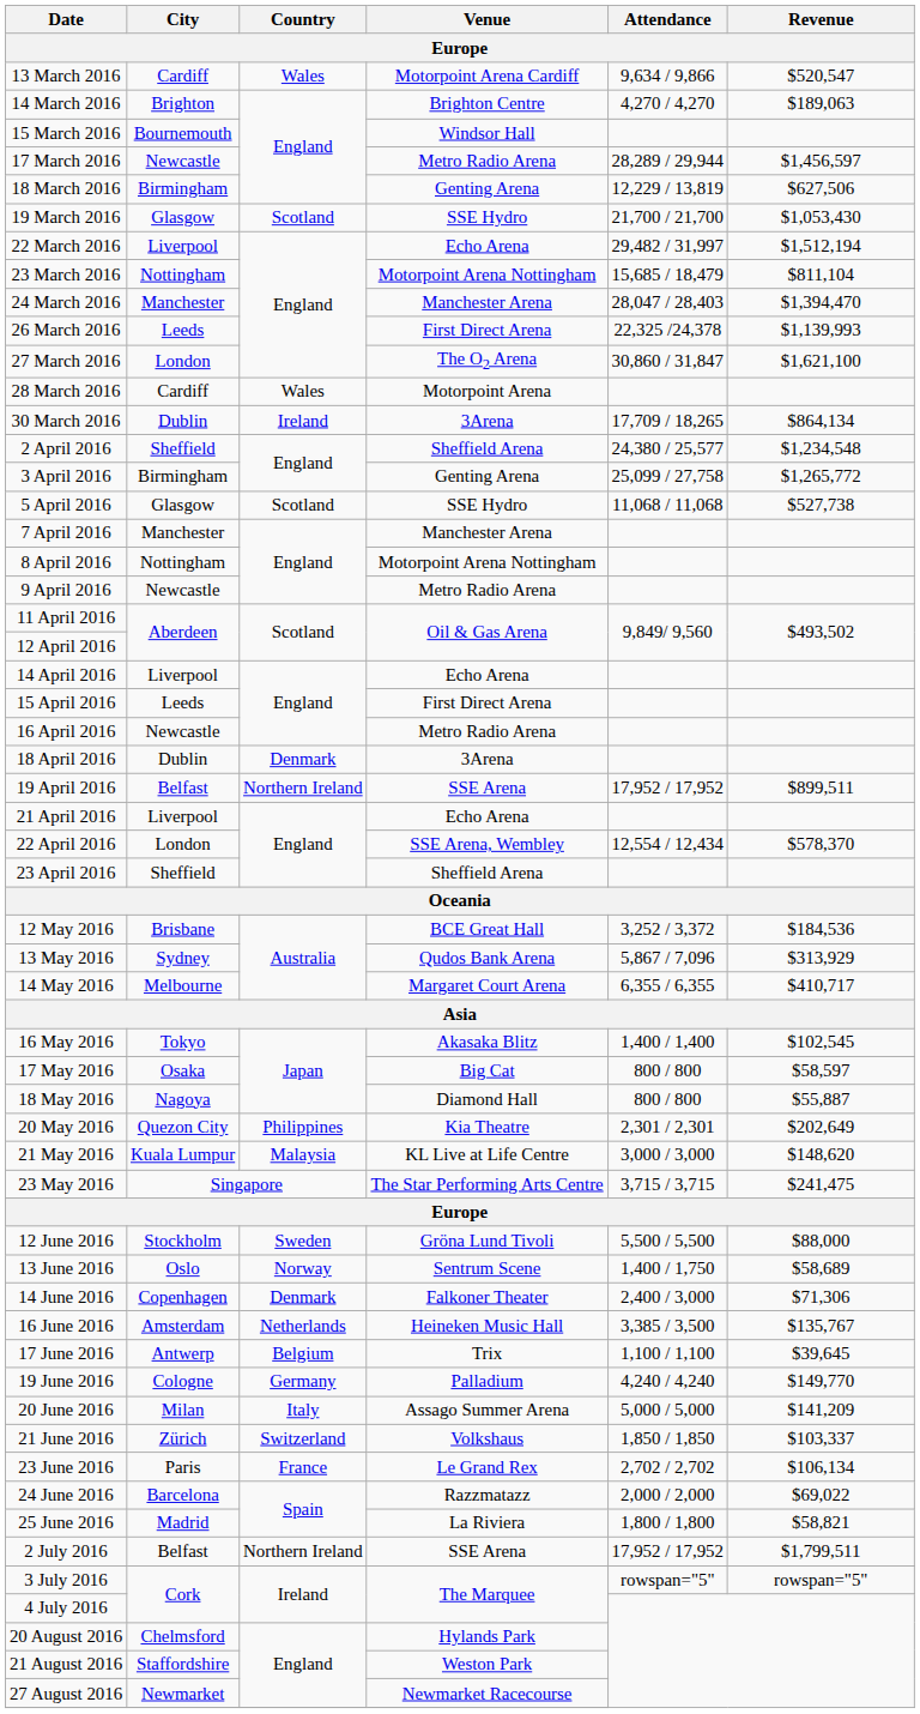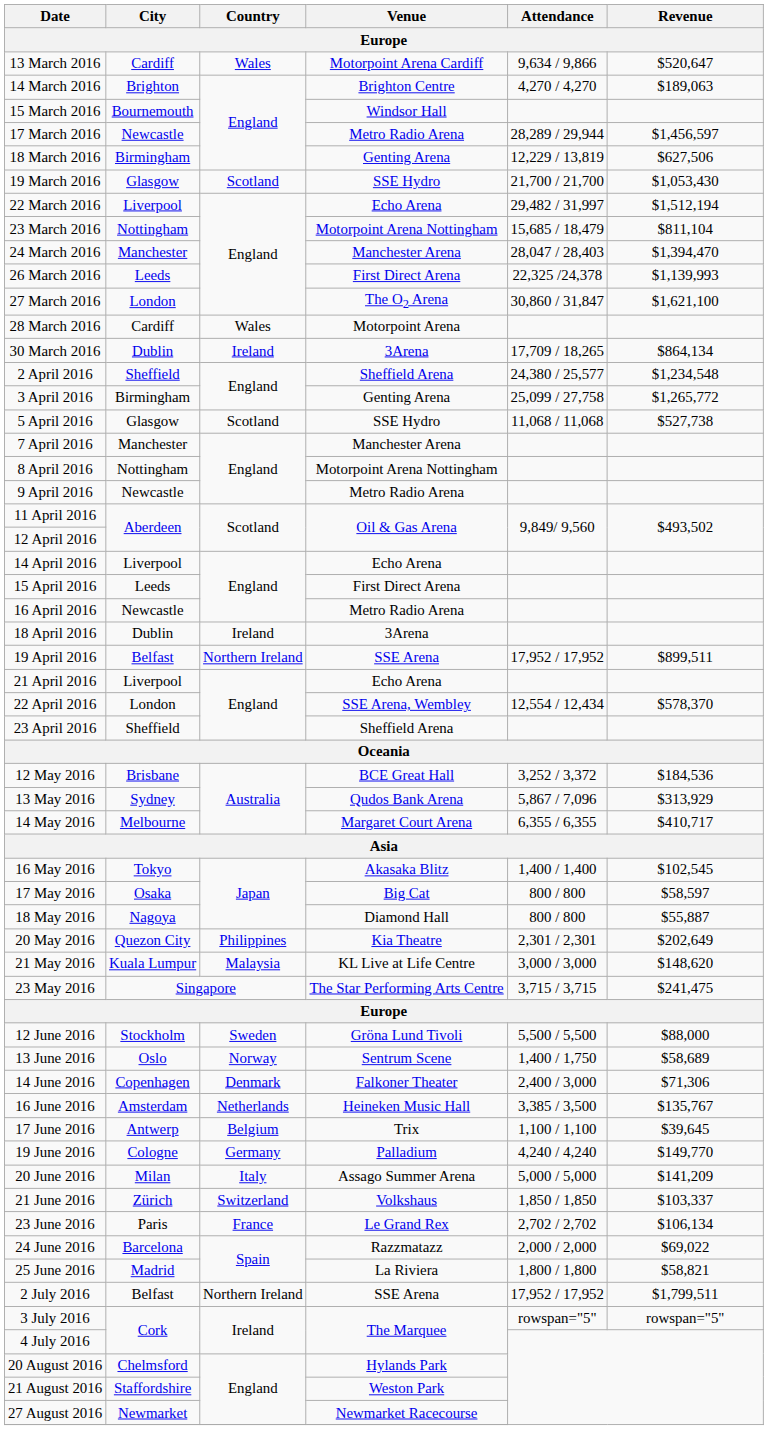 <table class="wikitable" style="text-align:center;">
 <tr>
 <th scope="col">Date</th>
 <th scope="col">City</th>
 <th scope="col">Country</th>
 <th scope="col">Venue</th>
 <th scope="col">Attendance</th>
 <th scope="col" style="width:10em;">Revenue</th>
 </tr>
 <tr>
 <th colspan="6">Europe</th>
 </tr>
 <tr>
 <td>13 March 2016</td>
 <td><a href='#'>Cardiff</a></td>
 <td><a href='#'>Wales</a></td>
 <td><a href='#'>Motorpoint Arena Cardiff</a></td>
 <td>9,634 / 9,866</td>
-<td>$520,547</td>
+<td>$520,647</td>
 </tr>
 <tr>
 <td>14 March 2016</td>
 <td><a href='#'>Brighton</a></td>
 <td rowspan="4"><a href='#'>England</a></td>
 <td><a href='#'>Brighton Centre</a></td>
 <td>4,270 / 4,270</td>
 <td>$189,063</td>
 </tr>
 <tr>
 <td>15 March 2016</td>
 <td><a href='#'>Bournemouth</a></td>
 <td><a href='#'>Windsor Hall</a></td>
 <td></td>
 <td></td>
 </tr>
 <tr>
 <td>17 March 2016</td>
 <td><a href='#'>Newcastle</a></td>
 <td><a href='#'>Metro Radio Arena</a></td>
 <td>28,289 / 29,944</td>
 <td>$1,456,597</td>
 </tr>
 <tr>
 <td>18 March 2016</td>
 <td><a href='#'>Birmingham</a></td>
 <td><a href='#'>Genting Arena</a></td>
 <td>12,229 / 13,819</td>
 <td>$627,506</td>
 </tr>
 <tr>
 <td>19 March 2016</td>
 <td><a href='#'>Glasgow</a></td>
 <td><a href='#'>Scotland</a></td>
 <td><a href='#'>SSE Hydro</a></td>
 <td>21,700 / 21,700</td>
 <td>$1,053,430</td>
 </tr>
 <tr>
 <td>22 March 2016</td>
 <td><a href='#'>Liverpool</a></td>
 <td rowspan="5">England</td>
 <td><a href='#'>Echo Arena</a></td>
 <td>29,482 / 31,997</td>
 <td>$1,512,194</td>
 </tr>
 <tr>
 <td>23 March 2016</td>
 <td><a href='#'>Nottingham</a></td>
 <td><a href='#'>Motorpoint Arena Nottingham</a></td>
 <td>15,685 / 18,479</td>
 <td>$811,104</td>
 </tr>
 <tr>
 <td>24 March 2016</td>
 <td><a href='#'>Manchester</a></td>
 <td><a href='#'>Manchester Arena</a></td>
 <td>28,047 / 28,403</td>
 <td>$1,394,470</td>
 </tr>
 <tr>
 <td>26 March 2016</td>
 <td><a href='#'>Leeds</a></td>
 <td><a href='#'>First Direct Arena</a></td>
 <td>22,325 /24,378</td>
 <td>$1,139,993</td>
 </tr>
 <tr>
 <td>27 March 2016</td>
 <td><a href='#'>London</a></td>
 <td><a href='#'>The O<sub>2</sub> Arena</a></td>
 <td>30,860 / 31,847</td>
 <td>$1,621,100</td>
 </tr>
 <tr>
 <td>28 March 2016</td>
 <td>Cardiff</td>
 <td>Wales</td>
 <td>Motorpoint Arena</td>
 <td></td>
 <td></td>
 </tr>
 <tr>
 <td>30 March 2016</td>
 <td><a href='#'>Dublin</a></td>
 <td><a href='#'>Ireland</a></td>
 <td><a href='#'>3Arena</a></td>
 <td>17,709 / 18,265</td>
 <td>$864,134</td>
 </tr>
 <tr>
 <td>2 April 2016</td>
 <td><a href='#'>Sheffield</a></td>
 <td rowspan="2">England</td>
 <td><a href='#'>Sheffield Arena</a></td>
 <td>24,380 / 25,577</td>
 <td>$1,234,548</td>
 </tr>
 <tr>
 <td>3 April 2016</td>
 <td>Birmingham</td>
 <td>Genting Arena</td>
 <td>25,099 / 27,758</td>
 <td>$1,265,772</td>
 </tr>
 <tr>
 <td>5 April 2016</td>
 <td>Glasgow</td>
 <td>Scotland</td>
 <td>SSE Hydro</td>
 <td>11,068 / 11,068</td>
 <td>$527,738</td>
 </tr>
 <tr>
 <td>7 April 2016</td>
 <td>Manchester</td>
 <td rowspan="3">England</td>
 <td>Manchester Arena</td>
 <td></td>
 <td></td>
 </tr>
 <tr>
 <td>8 April 2016</td>
 <td>Nottingham</td>
 <td>Motorpoint Arena Nottingham</td>
 <td></td>
 <td></td>
 </tr>
 <tr>
 <td>9 April 2016</td>
 <td>Newcastle</td>
 <td>Metro Radio Arena</td>
 <td></td>
 <td></td>
 </tr>
 <tr>
 <td>11 April 2016</td>
 <td rowspan="2"><a href='#'>Aberdeen</a></td>
 <td rowspan="2">Scotland</td>
 <td rowspan="2"><a href='#'>Oil & Gas Arena</a></td>
 <td rowspan="2">9,849/	9,560</td>
 <td rowspan="2">$493,502</td>
 </tr>
 <tr>
 <td>12 April 2016</td>
 </tr>
 <tr>
 <td>14 April 2016</td>
 <td>Liverpool</td>
 <td rowspan="3">England</td>
 <td>Echo Arena</td>
 <td></td>
 <td></td>
 </tr>
 <tr>
 <td>15 April 2016</td>
 <td>Leeds</td>
 <td>First Direct Arena</td>
 <td></td>
 <td></td>
 </tr>
 <tr>
 <td>16 April 2016</td>
 <td>Newcastle</td>
 <td>Metro Radio Arena</td>
 <td></td>
 <td></td>
 </tr>
 <tr>
 <td>18 April 2016</td>
 <td>Dublin</td>
-<td><a href='#'>Denmark</a></td>
+<td>Ireland</td>
 <td>3Arena</td>
 <td></td>
 <td></td>
 </tr>
 <tr>
 <td>19 April 2016</td>
 <td><a href='#'>Belfast</a></td>
 <td><a href='#'>Northern Ireland</a></td>
 <td><a href='#'>SSE Arena</a></td>
 <td>17,952 / 17,952</td>
 <td>$899,511</td>
 </tr>
 <tr>
 <td>21 April 2016</td>
 <td>Liverpool</td>
 <td rowspan="3">England</td>
 <td>Echo Arena</td>
 <td></td>
 <td></td>
 </tr>
 <tr>
 <td>22 April 2016</td>
 <td>London</td>
 <td><a href='#'>SSE Arena, Wembley</a></td>
 <td>12,554 / 12,434</td>
 <td>$578,370</td>
 </tr>
 <tr>
 <td>23 April 2016</td>
 <td>Sheffield</td>
 <td>Sheffield Arena</td>
 <td></td>
 <td></td>
 </tr>
 <tr>
 <th colspan="6">Oceania</th>
 </tr>
 <tr>
 <td>12 May 2016</td>
 <td><a href='#'>Brisbane</a></td>
 <td rowspan="3"><a href='#'>Australia</a></td>
 <td><a href='#'>BCE Great Hall</a></td>
 <td>3,252 / 3,372</td>
 <td>$184,536</td>
 </tr>
 <tr>
 <td>13 May 2016</td>
 <td><a href='#'>Sydney</a></td>
 <td><a href='#'>Qudos Bank Arena</a></td>
 <td>5,867 / 7,096</td>
 <td>$313,929</td>
 </tr>
 <tr>
 <td>14 May 2016</td>
 <td><a href='#'>Melbourne</a></td>
 <td><a href='#'>Margaret Court Arena</a></td>
 <td>6,355 / 6,355</td>
 <td>$410,717</td>
 </tr>
 <tr>
 <th colspan="6">Asia</th>
 </tr>
 <tr>
 <td>16 May 2016</td>
 <td><a href='#'>Tokyo</a></td>
 <td rowspan="3"><a href='#'>Japan</a></td>
 <td><a href='#'>Akasaka Blitz</a></td>
 <td>1,400 / 1,400</td>
 <td>$102,545</td>
 </tr>
 <tr>
 <td>17 May 2016</td>
 <td><a href='#'>Osaka</a></td>
 <td><a href='#'>Big Cat</a></td>
 <td>800 / 800</td>
 <td>$58,597</td>
 </tr>
 <tr>
 <td>18 May 2016</td>
 <td><a href='#'>Nagoya</a></td>
 <td>Diamond Hall</td>
 <td>800 / 800</td>
 <td>$55,887</td>
 </tr>
 <tr>
 <td>20 May 2016</td>
 <td><a href='#'>Quezon City</a></td>
 <td><a href='#'>Philippines</a></td>
 <td><a href='#'>Kia Theatre</a></td>
 <td>2,301 / 2,301</td>
 <td>$202,649</td>
 </tr>
 <tr>
 <td>21 May 2016</td>
 <td><a href='#'>Kuala Lumpur</a></td>
 <td><a href='#'>Malaysia</a></td>
 <td>KL Live at Life Centre</td>
 <td>3,000 / 3,000</td>
 <td>$148,620</td>
 </tr>
 <tr>
 <td>23 May 2016</td>
 <td colspan="2"><a href='#'>Singapore</a></td>
 <td><a href='#'>The Star Performing Arts Centre</a></td>
 <td>3,715 / 3,715</td>
 <td>$241,475</td>
 </tr>
 <tr>
 <th colspan="6">Europe</th>
 </tr>
 <tr>
 <td>12 June 2016</td>
 <td><a href='#'>Stockholm</a></td>
 <td><a href='#'>Sweden</a></td>
 <td><a href='#'>Gröna Lund Tivoli</a></td>
 <td>5,500 / 5,500</td>
 <td>$88,000</td>
 </tr>
 <tr>
 <td>13 June 2016</td>
 <td><a href='#'>Oslo</a></td>
 <td><a href='#'>Norway</a></td>
 <td><a href='#'>Sentrum Scene</a></td>
 <td>1,400 / 1,750</td>
 <td>$58,689</td>
 </tr>
 <tr>
 <td>14 June 2016</td>
 <td><a href='#'>Copenhagen</a></td>
 <td><a href='#'>Denmark</a></td>
 <td><a href='#'>Falkoner Theater</a></td>
 <td>2,400 / 3,000</td>
 <td>$71,306</td>
 </tr>
 <tr>
 <td>16 June 2016</td>
 <td><a href='#'>Amsterdam</a></td>
 <td><a href='#'>Netherlands</a></td>
 <td><a href='#'>Heineken Music Hall</a></td>
 <td>3,385 / 3,500</td>
 <td>$135,767</td>
 </tr>
 <tr>
 <td>17 June 2016</td>
 <td><a href='#'>Antwerp</a></td>
 <td><a href='#'>Belgium</a></td>
 <td>Trix</td>
 <td>1,100 / 1,100</td>
 <td>$39,645</td>
 </tr>
 <tr>
 <td>19 June 2016</td>
 <td><a href='#'>Cologne</a></td>
 <td><a href='#'>Germany</a></td>
 <td><a href='#'>Palladium</a></td>
 <td>4,240 / 4,240</td>
 <td>$149,770</td>
 </tr>
 <tr>
 <td>20 June 2016</td>
 <td><a href='#'>Milan</a></td>
 <td><a href='#'>Italy</a></td>
 <td>Assago Summer Arena</td>
 <td>5,000 / 5,000</td>
 <td>$141,209</td>
 </tr>
 <tr>
 <td>21 June 2016</td>
 <td><a href='#'>Zürich</a></td>
 <td><a href='#'>Switzerland</a></td>
 <td><a href='#'>Volkshaus</a></td>
 <td>1,850 / 1,850</td>
 <td>$103,337</td>
 </tr>
 <tr>
 <td>23 June 2016</td>
 <td>Paris</td>
 <td><a href='#'>France</a></td>
 <td><a href='#'>Le Grand Rex</a></td>
 <td>2,702 / 2,702</td>
 <td>$106,134</td>
 </tr>
 <tr>
 <td>24 June 2016</td>
 <td><a href='#'>Barcelona</a></td>
 <td rowspan="2"><a href='#'>Spain</a></td>
 <td>Razzmatazz</td>
 <td>2,000 / 2,000</td>
 <td>$69,022</td>
 </tr>
 <tr>
 <td>25 June 2016</td>
 <td><a href='#'>Madrid</a></td>
 <td>La Riviera</td>
 <td>1,800 / 1,800</td>
 <td>$58,821</td>
 </tr>
 <tr>
 <td>2 July 2016</td>
 <td>Belfast</td>
 <td>Northern Ireland</td>
 <td>SSE Arena</td>
 <td>17,952 / 17,952</td>
 <td>$1,799,511</td>
 </tr>
 <tr>
 <td>3 July 2016</td>
 <td rowspan="2"><a href='#'>Cork</a></td>
 <td rowspan="2">Ireland</td>
 <td rowspan="2"><a href='#'>The Marquee</a></td>
 <td>rowspan="5" </td>
 <td>rowspan="5" </td>
 </tr>
 <tr>
 <td>4 July 2016</td>
 </tr>
 <tr>
 <td>20 August 2016</td>
 <td><a href='#'>Chelmsford</a></td>
 <td rowspan="3">England</td>
 <td><a href='#'>Hylands Park</a></td>
 </tr>
 <tr>
 <td>21 August 2016</td>
 <td><a href='#'>Staffordshire</a></td>
 <td><a href='#'>Weston Park</a></td>
 </tr>
 <tr>
 <td>27 August 2016</td>
 <td><a href='#'>Newmarket</a></td>
 <td><a href='#'>Newmarket Racecourse</a></td>
 </tr>
 <tr>
 </tr>
 </table>
